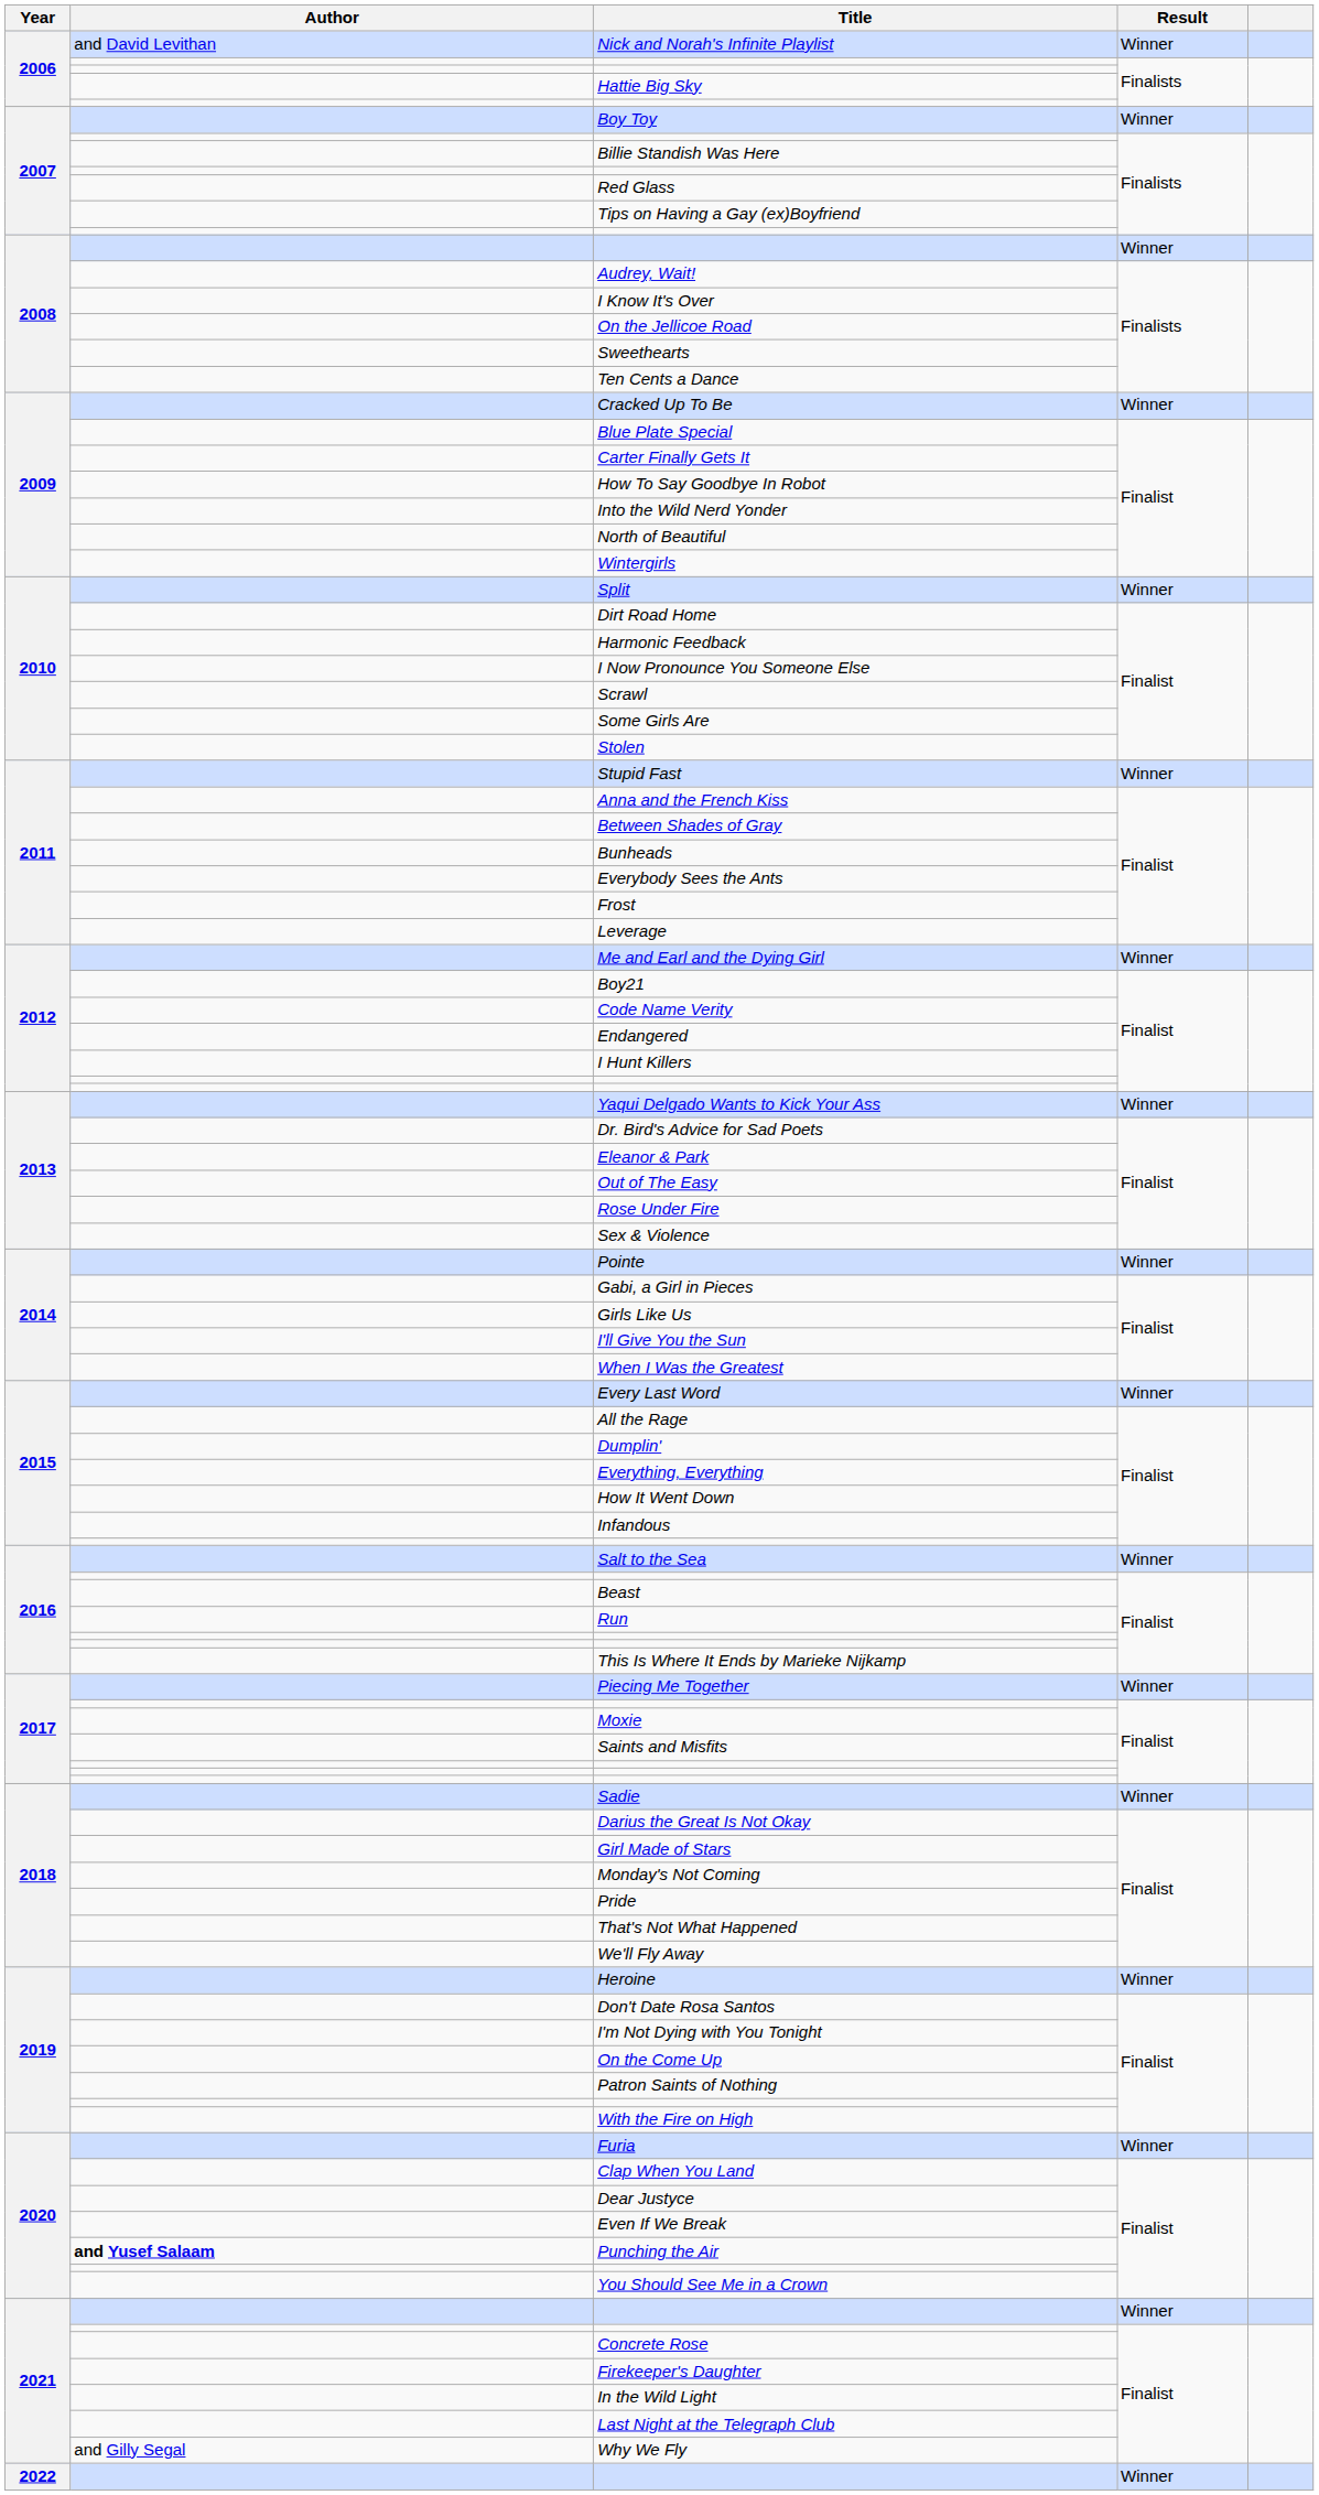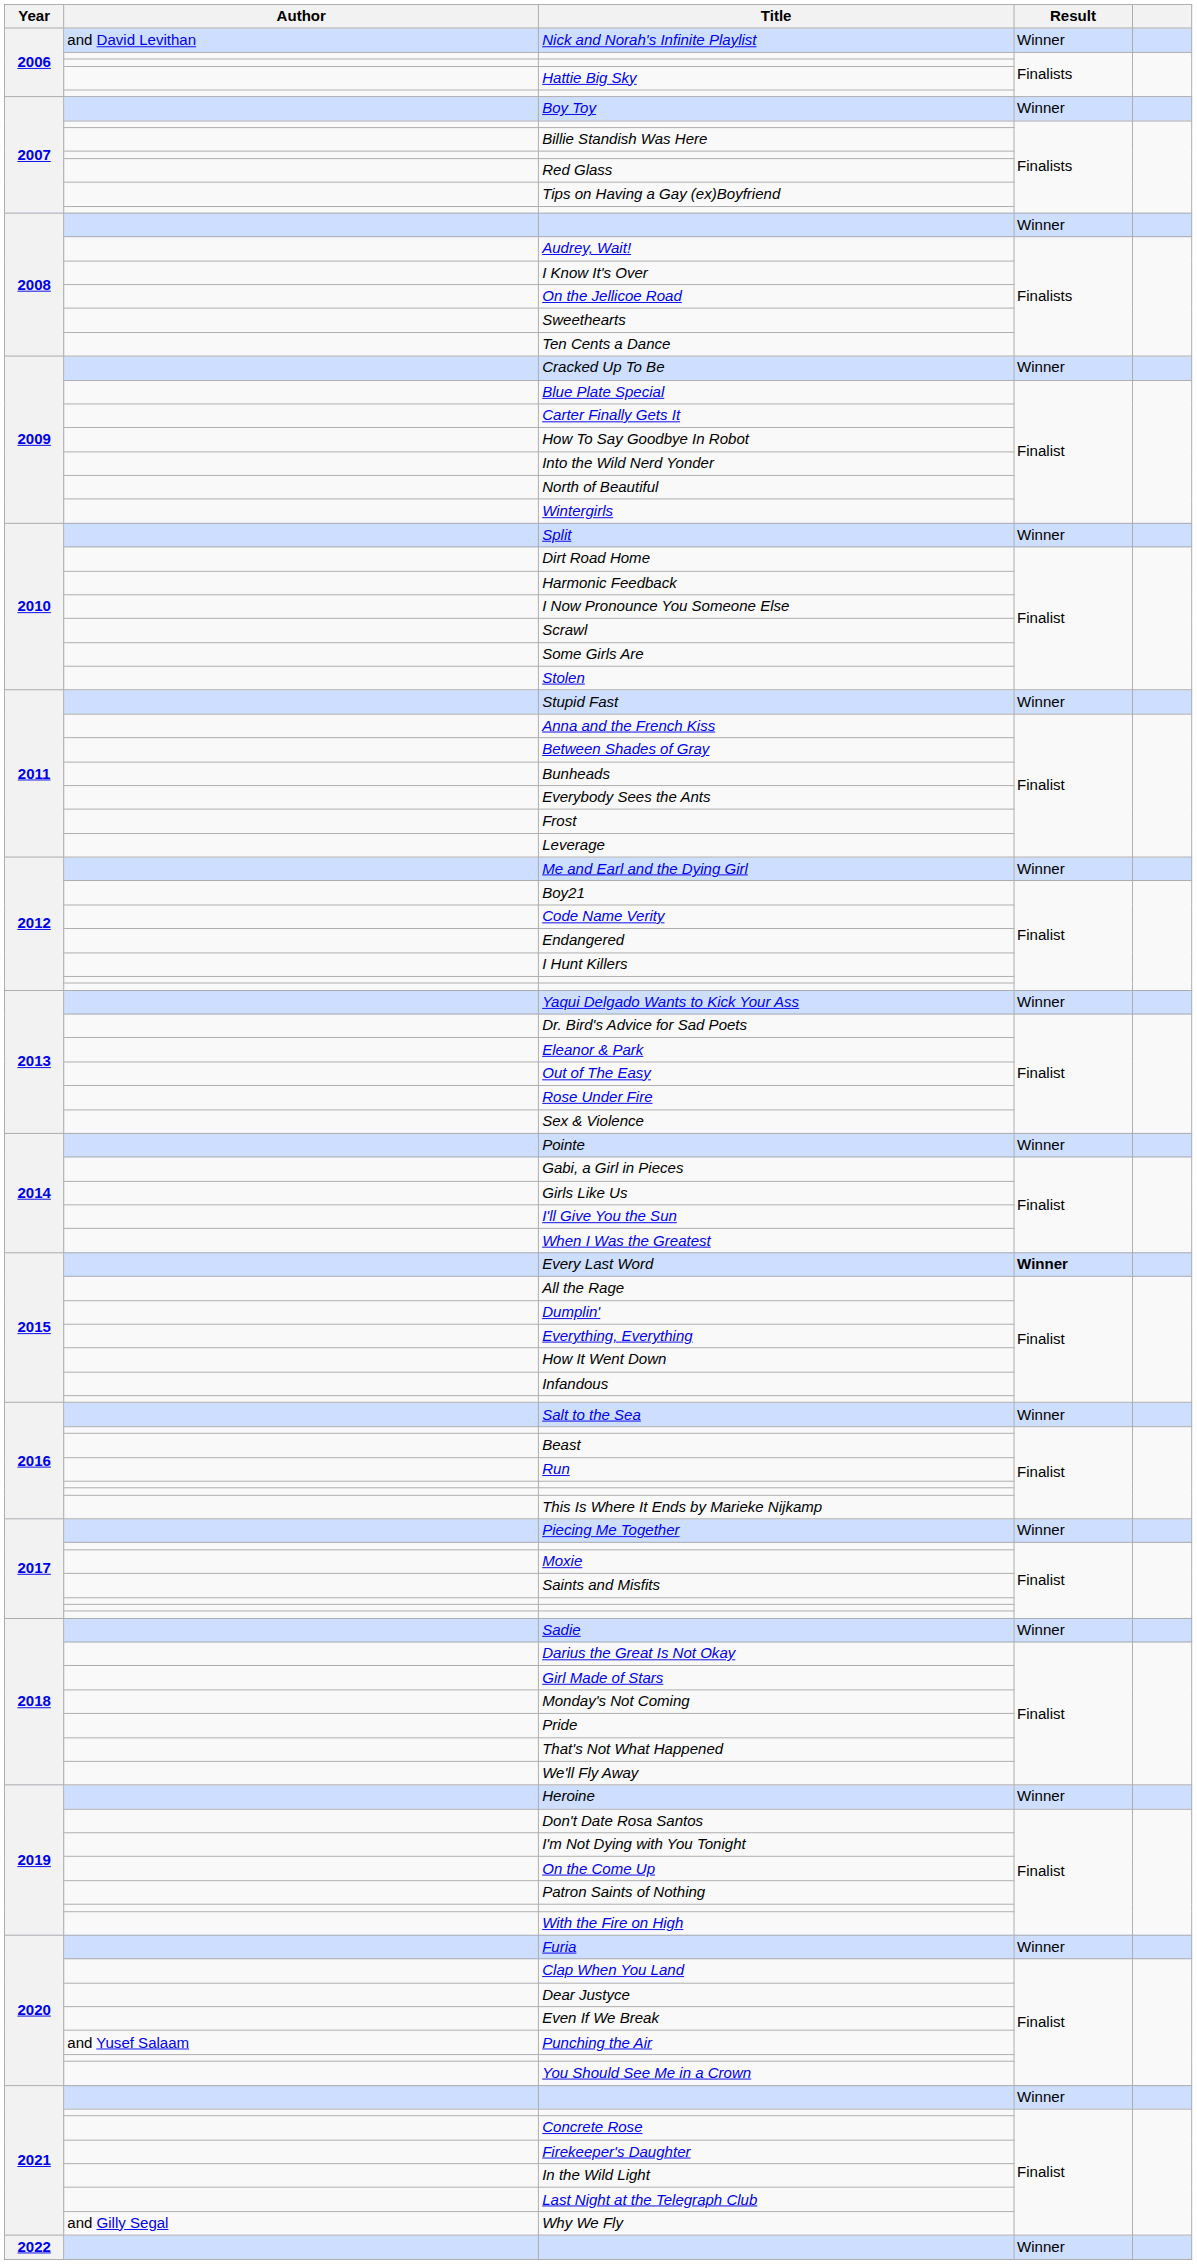 <table class="wikitable sortable mw-collapsible" width="100%">
 <tr>
 <th scope=col width="5%">Year</th>
 <th scope=col width="40%">Author</th>
 <th scope=col width="40%">Title</th>
 <th scope=col width="10%">Result</th>
 <th scope=col width="5%" class="unsortable"></th>
 </tr>
 <tr style="background:#cddeff">
 <th scope=row rowspan="5"><a href='#'>2006</a></th>
 <td> and <a href='#'>David Levithan</a></td>
 <td><em><a href='#'>Nick and Norah's Infinite Playlist</a></em></td>
 <td>Winner</td>
 <td></td>
 </tr>
 <tr>
 <td></td>
 <td></td>
 <td rowspan="4">Finalists</td>
 <td rowspan="4"></td>
 </tr>
 <tr>
 <td></td>
 <td></td>
 </tr>
 <tr>
 <td></td>
 <td><em><a href='#'>Hattie Big Sky</a></em></td>
 </tr>
 <tr>
 <td></td>
 <td></td>
 </tr>
 <tr style="background:#cddeff">
 <th scope=row rowspan="7"><a href='#'>2007</a></th>
 <td></td>
 <td><em><a href='#'>Boy Toy</a></em></td>
 <td>Winner</td>
 <td></td>
 </tr>
 <tr>
 <td></td>
 <td></td>
 <td rowspan="6">Finalists</td>
 <td rowspan="6"></td>
 </tr>
 <tr>
 <td></td>
 <td><em>Billie Standish Was Here</em></td>
 </tr>
 <tr>
 <td></td>
 <td></td>
 </tr>
 <tr>
 <td></td>
 <td><em>Red Glass</em></td>
 </tr>
 <tr>
 <td></td>
 <td><em>Tips on Having a Gay (ex)Boyfriend</em></td>
 </tr>
 <tr>
 <td></td>
 <td></td>
 </tr>
 <tr style="background:#cddeff">
 <th scope=row rowspan="6"><a href='#'>2008</a></th>
 <td></td>
 <td><em></em></td>
 <td>Winner</td>
 <td></td>
 </tr>
 <tr>
 <td></td>
 <td><em><a href='#'>Audrey, Wait!</a></em></td>
 <td rowspan="5">Finalists</td>
 <td rowspan="5"></td>
 </tr>
 <tr>
 <td></td>
 <td><em>I Know It's Over</em></td>
 </tr>
 <tr>
 <td></td>
 <td><em><a href='#'>On the Jellicoe Road</a></em></td>
 </tr>
 <tr>
 <td></td>
 <td><em>Sweethearts</em></td>
 </tr>
 <tr>
 <td></td>
 <td><em>Ten Cents a Dance</em></td>
 </tr>
 <tr style="background:#cddeff">
 <th scope=row rowspan="7"><a href='#'>2009</a></th>
 <td></td>
 <td><em>Cracked Up To Be</em></td>
 <td>Winner</td>
 <td></td>
 </tr>
 <tr>
 <td></td>
 <td><em><a href='#'>Blue Plate Special</a></em></td>
 <td rowspan="6">Finalist</td>
 <td rowspan="6"></td>
 </tr>
 <tr>
 <td></td>
 <td><em><a href='#'>Carter Finally Gets It</a></em></td>
 </tr>
 <tr>
 <td></td>
 <td><em>How To Say Goodbye In Robot</em></td>
 </tr>
 <tr>
 <td></td>
 <td><em>Into the Wild Nerd Yonder</em></td>
 </tr>
 <tr>
 <td></td>
 <td><em>North of Beautiful</em></td>
 </tr>
 <tr>
 <td></td>
 <td><em><a href='#'>Wintergirls</a></em></td>
 </tr>
 <tr style="background:#cddeff">
 <th scope=row rowspan="7"><a href='#'>2010</a></th>
 <td></td>
 <td><em><a href='#'>Split</a></em></td>
 <td>Winner</td>
 <td></td>
 </tr>
 <tr>
 <td></td>
 <td><em>Dirt Road Home</em></td>
 <td rowspan="6">Finalist</td>
 <td rowspan="6"></td>
 </tr>
 <tr>
 <td></td>
 <td><em>Harmonic Feedback</em></td>
 </tr>
 <tr>
 <td></td>
 <td><em>I Now Pronounce You Someone Else</em></td>
 </tr>
 <tr>
 <td></td>
 <td><em>Scrawl</em></td>
 </tr>
 <tr>
 <td></td>
 <td><em>Some Girls Are</em></td>
 </tr>
 <tr>
 <td></td>
 <td><em><a href='#'>Stolen</a></em></td>
 </tr>
 <tr style="background:#cddeff">
 <th scope=row rowspan="7"><a href='#'>2011</a></th>
 <td></td>
 <td><em>Stupid Fast</em></td>
 <td>Winner</td>
 <td></td>
 </tr>
 <tr>
 <td></td>
 <td><em><a href='#'>Anna and the French Kiss</a></em></td>
 <td rowspan="6">Finalist</td>
 <td rowspan="6"></td>
 </tr>
 <tr>
 <td></td>
 <td><em><a href='#'>Between Shades of Gray</a></em></td>
 </tr>
 <tr>
 <td></td>
 <td><em>Bunheads</em></td>
 </tr>
 <tr>
 <td></td>
 <td><em>Everybody Sees the Ants</em></td>
 </tr>
 <tr>
 <td></td>
 <td><em>Frost</em></td>
 </tr>
 <tr>
 <td></td>
 <td><em>Leverage</em></td>
 </tr>
 <tr style="background:#cddeff">
 <th scope=row rowspan="7"><a href='#'>2012</a></th>
 <td></td>
 <td><em><a href='#'>Me and Earl and the Dying Girl</a></em></td>
 <td>Winner</td>
 <td></td>
 </tr>
 <tr>
 <td></td>
 <td><em>Boy21</em></td>
 <td rowspan="6">Finalist</td>
 <td rowspan="6"></td>
 </tr>
 <tr>
 <td></td>
 <td><em><a href='#'>Code Name Verity</a></em></td>
 </tr>
 <tr>
 <td></td>
 <td><em>Endangered</em></td>
 </tr>
 <tr>
 <td></td>
 <td><em>I Hunt Killers</em></td>
 </tr>
 <tr>
 <td></td>
 <td></td>
 </tr>
 <tr>
 <td></td>
 <td></td>
 </tr>
 <tr style="background:#cddeff">
 <th scope=row rowspan="6"><a href='#'>2013</a></th>
 <td></td>
 <td><em><a href='#'>Yaqui Delgado Wants to Kick Your Ass</a></em></td>
 <td>Winner</td>
 <td></td>
 </tr>
 <tr>
 <td></td>
 <td><em>Dr. Bird's Advice for Sad Poets</em></td>
 <td rowspan="5">Finalist</td>
 <td rowspan="5"></td>
 </tr>
 <tr>
 <td></td>
 <td><em><a href='#'>Eleanor & Park</a></em></td>
 </tr>
 <tr>
 <td></td>
 <td><em><a href='#'>Out of The Easy</a></em></td>
 </tr>
 <tr>
 <td></td>
 <td><em><a href='#'>Rose Under Fire</a></em></td>
 </tr>
 <tr>
 <td></td>
 <td><em>Sex & Violence</em></td>
 </tr>
 <tr style="background:#cddeff">
 <th scope=row rowspan="5"><a href='#'>2014</a></th>
 <td></td>
 <td><em>Pointe</em></td>
 <td>Winner</td>
 <td></td>
 </tr>
 <tr>
 <td></td>
 <td><em>Gabi, a Girl in Pieces</em></td>
 <td rowspan="4">Finalist</td>
 <td rowspan="4"></td>
 </tr>
 <tr>
 <td></td>
 <td><em>Girls Like Us</em></td>
 </tr>
 <tr>
 <td></td>
 <td><em><a href='#'>I'll Give You the Sun</a></em></td>
 </tr>
 <tr>
 <td></td>
 <td><em><a href='#'>When I Was the Greatest</a></em></td>
 </tr>
 <tr style="background:#cddeff">
 <th scope=row rowspan="7"><a href='#'>2015</a></th>
 <td></td>
 <td><em>Every Last Word</em></td>
-<td>Winner</td>
+<td><strong>Winner</strong></td>
 <td></td>
 </tr>
 <tr>
 <td></td>
 <td><em>All the Rage</em></td>
 <td rowspan="6">Finalist</td>
 <td rowspan="6"></td>
 </tr>
 <tr>
 <td></td>
 <td><em><a href='#'>Dumplin'</a></em></td>
 </tr>
 <tr>
 <td></td>
 <td><em><a href='#'>Everything, Everything</a></em></td>
 </tr>
 <tr>
 <td></td>
 <td><em>How It Went Down</em></td>
 </tr>
 <tr>
 <td></td>
 <td><em>Infandous</em></td>
 </tr>
 <tr>
 <td></td>
 <td><em></em></td>
 </tr>
 <tr style="background:#cddeff">
 <th scope=row rowspan="7"><a href='#'>2016</a></th>
 <td></td>
 <td><em><a href='#'>Salt to the Sea</a></em></td>
 <td>Winner</td>
 <td></td>
 </tr>
 <tr>
 <td></td>
 <td></td>
 <td rowspan="6">Finalist</td>
 <td rowspan="6"></td>
 </tr>
 <tr>
 <td></td>
 <td><em>Beast</em></td>
 </tr>
 <tr>
 <td></td>
 <td><em><a href='#'>Run</a></em></td>
 </tr>
 <tr>
 <td></td>
 <td></td>
 </tr>
 <tr>
 <td></td>
 <td></td>
 </tr>
 <tr>
 <td></td>
 <td><em>This Is Where It Ends by Marieke Nijkamp</em></td>
 </tr>
 <tr style="background:#cddeff">
 <th scope=row rowspan="7"><a href='#'>2017</a></th>
 <td></td>
 <td><em><a href='#'>Piecing Me Together</a></em></td>
 <td>Winner</td>
 <td></td>
 </tr>
 <tr>
 <td></td>
 <td></td>
 <td rowspan="6">Finalist</td>
 <td rowspan="6"></td>
 </tr>
 <tr>
 <td></td>
 <td><em><a href='#'>Moxie</a></em></td>
 </tr>
 <tr>
 <td></td>
 <td><em>Saints and Misfits</em></td>
 </tr>
 <tr>
 <td></td>
 <td></td>
 </tr>
 <tr>
 <td></td>
 <td></td>
 </tr>
 <tr>
 <td></td>
 <td></td>
 </tr>
 <tr style="background:#cddeff">
 <th scope=row rowspan="7"><a href='#'>2018</a></th>
 <td></td>
 <td><em><a href='#'>Sadie</a></em></td>
 <td>Winner</td>
 <td></td>
 </tr>
 <tr>
 <td></td>
 <td><em><a href='#'>Darius the Great Is Not Okay</a></em></td>
 <td rowspan="6">Finalist</td>
 <td rowspan="6"></td>
 </tr>
 <tr>
 <td></td>
 <td><em><a href='#'>Girl Made of Stars</a></em></td>
 </tr>
 <tr>
 <td></td>
 <td><em>Monday's Not Coming</em></td>
 </tr>
 <tr>
 <td></td>
 <td><em>Pride</em></td>
 </tr>
 <tr>
 <td></td>
 <td><em>That's Not What Happened</em></td>
 </tr>
 <tr>
 <td></td>
 <td><em>We'll Fly Away</em></td>
 </tr>
 <tr style="background:#cddeff">
 <th scope=row rowspan="7"><a href='#'>2019</a></th>
 <td></td>
 <td><em>Heroine</em></td>
 <td>Winner</td>
 <td></td>
 </tr>
 <tr>
 <td></td>
 <td><em>Don't Date Rosa Santos</em></td>
 <td rowspan="6">Finalist</td>
 <td rowspan="6"></td>
 </tr>
 <tr>
 <td></td>
 <td><em>I'm Not Dying with You Tonight</em></td>
 </tr>
 <tr>
 <td></td>
 <td><em><a href='#'>On the Come Up</a></em></td>
 </tr>
 <tr>
 <td></td>
 <td><em>Patron Saints of Nothing</em></td>
 </tr>
 <tr>
 <td></td>
 <td></td>
 </tr>
 <tr>
 <td></td>
 <td><em><a href='#'>With the Fire on High</a></em></td>
 </tr>
 <tr style="background:#cddeff">
 <th scope=row rowspan="7"><a href='#'>2020</a></th>
 <td></td>
 <td><em><a href='#'>Furia</a></em></td>
 <td>Winner</td>
 <td></td>
 </tr>
 <tr>
 <td></td>
 <td><em><a href='#'>Clap When You Land</a></em></td>
 <td rowspan="6">Finalist</td>
 <td rowspan="6"></td>
 </tr>
 <tr>
 <td></td>
 <td><em>Dear Justyce</em></td>
 </tr>
 <tr>
 <td></td>
 <td><em>Even If We Break</em></td>
 </tr>
 <tr>
-<td><strong> and <a href='#'>Yusef Salaam</a></strong></td>
+<td> and <a href='#'>Yusef Salaam</a></td>
 <td><em><a href='#'>Punching the Air</a></em></td>
 </tr>
 <tr>
 <td></td>
 <td></td>
 </tr>
 <tr>
 <td></td>
 <td><em><a href='#'>You Should See Me in a Crown</a></em></td>
 </tr>
 <tr style="background:#cddeff">
 <th scope=row rowspan="7"><a href='#'>2021</a></th>
 <td></td>
 <td></td>
 <td>Winner</td>
 <td></td>
 </tr>
 <tr>
 <td></td>
 <td></td>
 <td rowspan="6">Finalist</td>
 <td rowspan="6"></td>
 </tr>
 <tr>
 <td></td>
 <td><em><a href='#'>Concrete Rose</a></em></td>
 </tr>
 <tr>
 <td></td>
 <td><em><a href='#'>Firekeeper's Daughter</a></em></td>
 </tr>
 <tr>
 <td></td>
 <td><em>In the Wild Light</em></td>
 </tr>
 <tr>
 <td></td>
 <td><em><a href='#'>Last Night at the Telegraph Club</a></em></td>
 </tr>
 <tr>
 <td> and <a href='#'>Gilly Segal</a></td>
 <td><em>Why We Fly</em></td>
 </tr>
 <tr style="background:#cddeff">
 <th><a href='#'>2022</a></th>
 <td></td>
 <td></td>
 <td>Winner</td>
 <td></td>
 </tr>
 </table>
